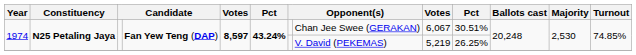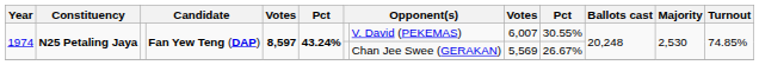 <table class="wikitable" style="margin:0.5em ; font-size:95%">
 <tr>
 <th>Year</th>
 <th>Constituency</th>
 <th colspan=2>Candidate</th>
 <th>Votes</th>
 <th>Pct</th>
 <th colspan=2>Opponent(s)</th>
 <th>Votes</th>
 <th>Pct</th>
 <th>Ballots cast</th>
 <th>Majority</th>
 <th>Turnout</th>
 </tr>
 <tr>
 <td rowspan=2><a href='#'>1974</a></td>
 <td rowspan=2><strong>N25 Petaling Jaya</strong></td>
 <td rowspan=2 ></td>
 <td rowspan=2><strong>Fan Yew Teng</strong> (<a href='#'><strong>DAP</strong></a>)</td>
 <td rowspan=2 align=right><strong>8,597</strong></td>
 <td rowspan=2><strong>43.24%</strong></td>
 <td></td>
-<td>Chan Jee Swee (<a href='#'>GERAKAN</a>)</td>
-<td align=right>6,067</td>
-<td>30.51%</td>
+<td><a href='#'>V. David</a> (<a href='#'>PEKEMAS</a>)</td>
+<td align=right>6,007</td>
+<td>30.55%</td>
 <td rowspan=2>20,248</td>
 <td rowspan=2>2,530</td>
 <td rowspan=2>74.85%</td>
 </tr>
 <tr>
 <td></td>
-<td><a href='#'>V. David</a> (<a href='#'>PEKEMAS</a>)</td>
-<td align=right>5,219</td>
-<td>26.25%</td>
+<td>Chan Jee Swee (<a href='#'>GERAKAN</a>)</td>
+<td align=right>5,569</td>
+<td>26.67%</td>
 </tr>
 <tr>
 </tr>
 </table>
